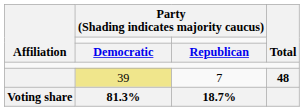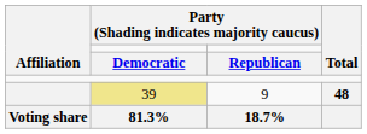 <table class=wikitable style="text-align:center">
 <tr style="vertical-align:bottom;">
 <th rowspan=3>Affiliation</th>
 <th colspan=2>Party <div>(Shading indicates majority caucus)</div></th>
 <th rowspan=3>Total</th>
 </tr>
 <tr style="height:5px">
 <td style="background-color:"></td>
 <td style="background-color:"></td>
 </tr>
 <tr>
 <th><a href='#'>Democratic</a></th>
 <th><a href='#'>Republican</a></th>
 </tr>
 <tr>
 <td colspan=5></td>
 </tr>
 <tr>
 <th nowrap style="font-size:80%"></th>
 <td style="background: khaki;">39</td>
-<td>7</td>
+<td>9</td>
 <th>48</th>
 </tr>
 <tr>
 <th>Voting share</th>
 <th>81.3%</th>
 <th>18.7%</th>
 <th colspan=2></th>
 </tr>
 </table>
